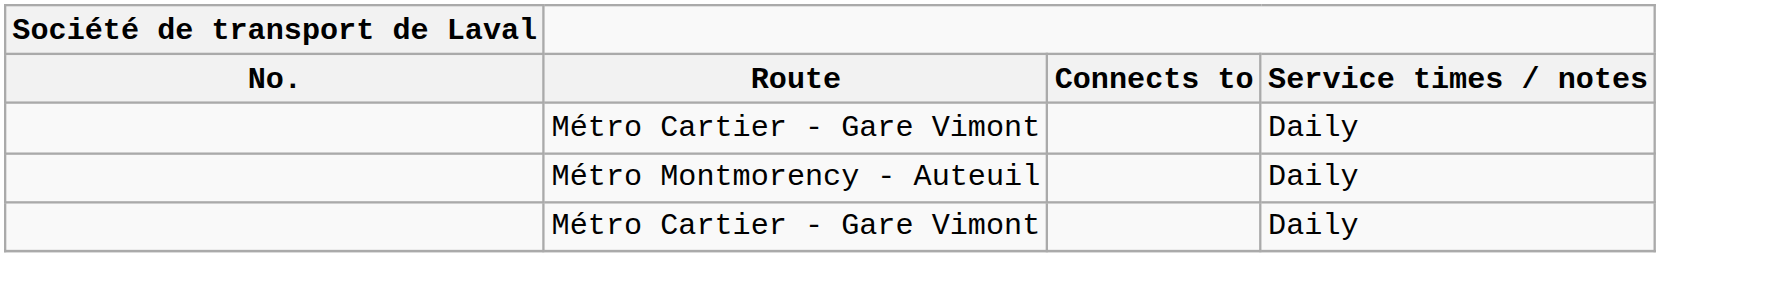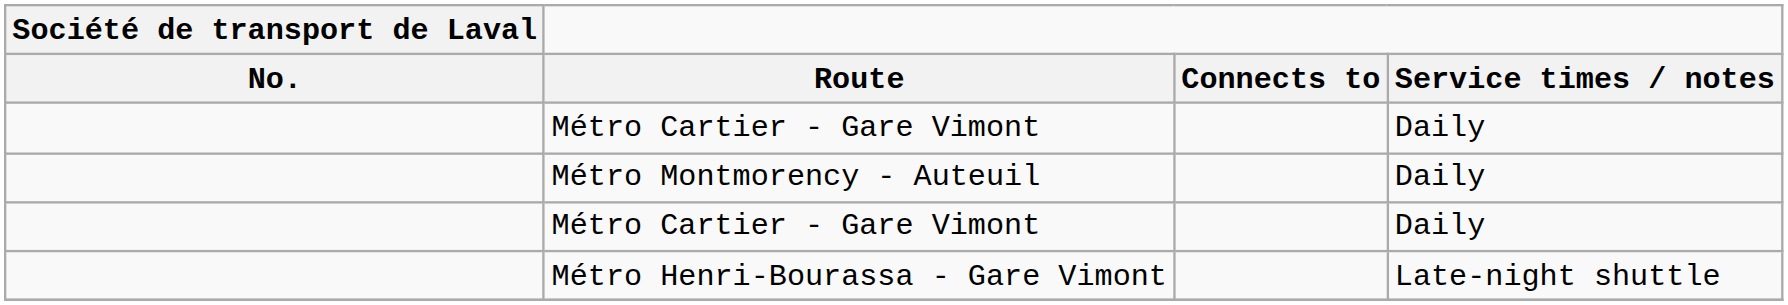 <table class="wikitable">
 <tr>
 <th style="background: #">Société de transport de Laval</th>
 </tr>
 <tr>
 <th>No.</th>
 <th>Route</th>
 <th>Connects to</th>
 <th>Service times / notes</th>
 </tr>
 <tr>
 <td></td>
 <td>Métro Cartier - Gare Vimont</td>
 <td></td>
 <td>Daily</td>
 </tr>
 <tr>
 <td></td>
 <td>Métro Montmorency - Auteuil</td>
 <td></td>
 <td>Daily</td>
 </tr>
 <tr>
 <td></td>
 <td>Métro Cartier - Gare Vimont</td>
 <td></td>
 <td>Daily</td>
 </tr>
 <tr>
+<td></td>
+<td>Métro Henri-Bourassa - Gare Vimont</td>
+<td></td>
+<td>Late-night shuttle</td>
+</tr>
+<tr>
 </tr>
 </table>
